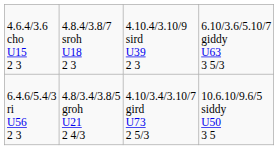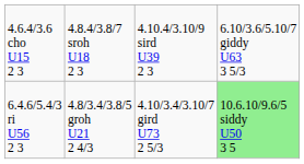 <table class=wikitable>
 <tr>
 <td><br>4.6.4/3.6<br>cho<br><a href='#'>U15</a><br>2 3  </td>
 <td><br>4.8.4/3.8/7<br>sroh<br><a href='#'>U18</a><br>2 3  </td>
 <td><br>4.10.4/3.10/9<br>sird<br><a href='#'>U39</a><br>2 3  </td>
 <td><br>6.10/3.6/5.10/7<br>giddy<br><a href='#'>U63</a><br>3 5/3  </td>
 </tr>
 <tr>
 <td><br>6.4.6/5.4/3<br>ri<br><a href='#'>U56</a><br>2 3  </td>
 <td><br>4.8/3.4/3.8/5<br>groh<br><a href='#'>U21</a><br>2 4/3  </td>
 <td><br>4.10/3.4/3.10/7<br>gird<br><a href='#'>U73</a><br>2 5/3  </td>
-<td><br>10.6.10/9.6/5<br>siddy<br><a href='#'>U50</a><br>3 5  </td>
+<td style="background: lightgreen;"><br>10.6.10/9.6/5<br>siddy<br><a href='#'>U50</a><br>3 5  </td>
 </tr>
 </table>
